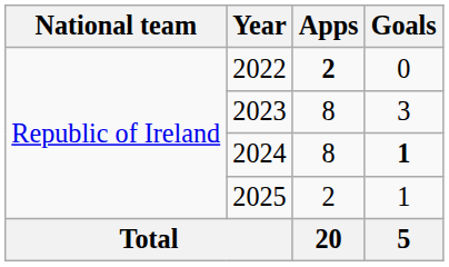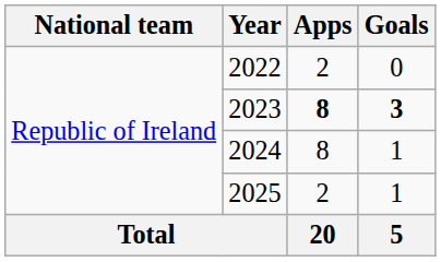 <table class=wikitable style=text-align:center>
 <tr>
 <th>National team</th>
 <th>Year</th>
 <th>Apps</th>
 <th>Goals</th>
 </tr>
 <tr>
 <td rowspan="4"><a href='#'>Republic of Ireland</a></td>
 <td>2022</td>
-<td><strong>2</strong></td>
+<td>2</td>
 <td>0</td>
 </tr>
 <tr>
 <td>2023</td>
-<td>8</td>
-<td>3</td>
+<td><strong>8</strong></td>
+<td><strong>3</strong></td>
 </tr>
 <tr>
 <td>2024</td>
 <td>8</td>
-<td><strong>1</strong></td>
+<td>1</td>
 </tr>
 <tr>
 <td>2025</td>
 <td>2</td>
 <td>1</td>
 </tr>
 <tr>
 <th colspan=2>Total</th>
 <th>20</th>
 <th>5</th>
 </tr>
 </table>
